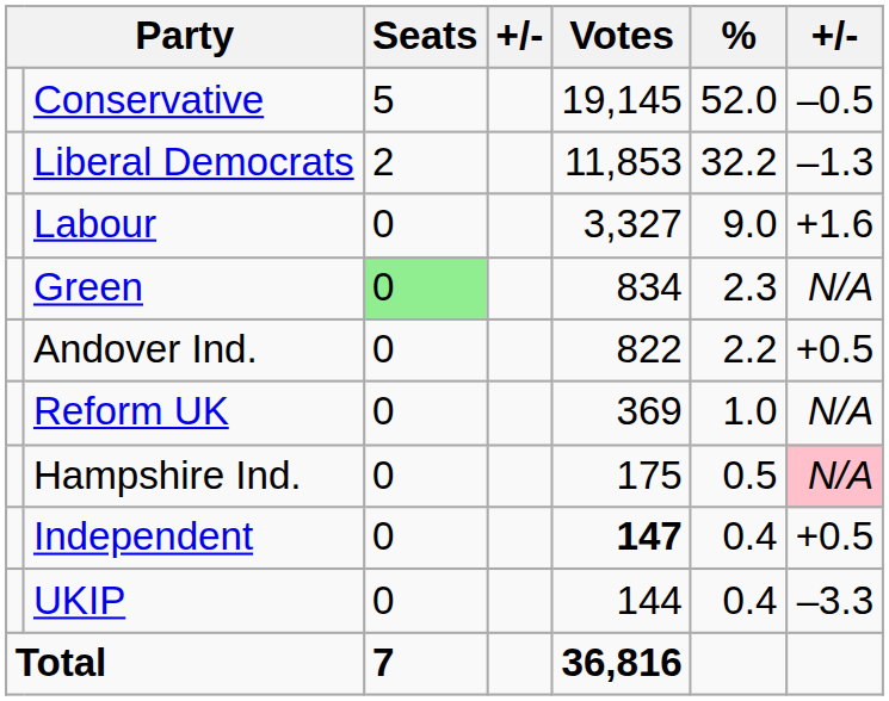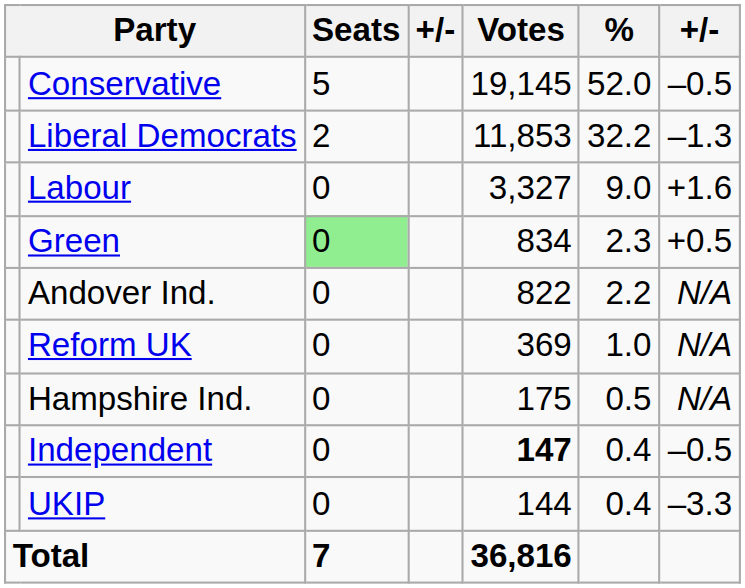 <table class="wikitable sortable">
 <tr>
 <th colspan="2">Party</th>
 <th>Seats</th>
 <th>+/-</th>
 <th>Votes</th>
 <th>%</th>
 <th>+/-</th>
 </tr>
 <tr>
 <td style="background-color: "></td>
 <td><a href='#'>Conservative</a></td>
 <td>5</td>
 <td></td>
 <td style="text-align:right;">19,145</td>
 <td style="text-align:right;">52.0</td>
 <td style="text-align:right;">–0.5</td>
 </tr>
 <tr>
 <td style="background-color: "></td>
 <td><a href='#'>Liberal Democrats</a></td>
 <td>2</td>
 <td></td>
 <td style="text-align:right;">11,853</td>
 <td style="text-align:right;">32.2</td>
 <td style="text-align:right;">–1.3</td>
 </tr>
 <tr>
 <td style="background-color: "></td>
 <td><a href='#'>Labour</a></td>
 <td>0</td>
 <td></td>
 <td style="text-align:right;">3,327</td>
 <td style="text-align:right;">9.0</td>
 <td style="text-align:right;">+1.6</td>
 </tr>
 <tr>
 <td style="background-color: "></td>
 <td><a href='#'>Green</a></td>
 <td style="background: lightgreen;">0</td>
 <td></td>
 <td style="text-align:right;">834</td>
 <td style="text-align:right;">2.3</td>
-<td style="text-align:right;"><em>N/A</em></td>
+<td style="text-align:right;">+0.5</td>
 </tr>
 <tr>
 <td style="background-color: "></td>
 <td>Andover Ind.</td>
 <td>0</td>
 <td></td>
 <td style="text-align:right;">822</td>
 <td style="text-align:right;">2.2</td>
-<td style="text-align:right;">+0.5</td>
+<td style="text-align:right;"><em>N/A</em></td>
 </tr>
 <tr>
 <td style="background-color: "></td>
 <td><a href='#'>Reform UK</a></td>
 <td>0</td>
 <td></td>
 <td style="text-align:right;">369</td>
 <td style="text-align:right;">1.0</td>
 <td style="text-align:right;"><em>N/A</em></td>
 </tr>
 <tr>
 <td style="background-color: "></td>
 <td>Hampshire Ind.</td>
 <td>0</td>
 <td></td>
 <td style="text-align:right;">175</td>
 <td style="text-align:right;">0.5</td>
-<td style="background: pink; text-align:right;"><em>N/A</em></td>
+<td style="text-align:right;"><em>N/A</em></td>
 </tr>
 <tr>
 <td style="background-color: "></td>
 <td><a href='#'>Independent</a></td>
 <td>0</td>
 <td></td>
 <td style="text-align:right;"><strong>147</strong></td>
 <td style="text-align:right;">0.4</td>
-<td style="text-align:right;">+0.5</td>
+<td style="text-align:right;">–0.5</td>
 </tr>
 <tr>
 <td style="background-color: "></td>
 <td><a href='#'>UKIP</a></td>
 <td>0</td>
 <td></td>
 <td style="text-align:right;">144</td>
 <td style="text-align:right;">0.4</td>
 <td style="text-align:right;">–3.3</td>
 </tr>
 <tr>
 <td colspan="2"><strong>Total</strong></td>
 <td><strong>7</strong></td>
 <td></td>
 <td style="text-align:right;"><strong>36,816</strong></td>
 <td style="text-align:right;"></td>
 <td style="text-align:right;"></td>
 </tr>
 </table>
